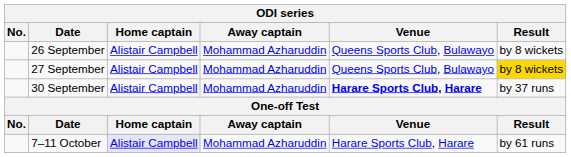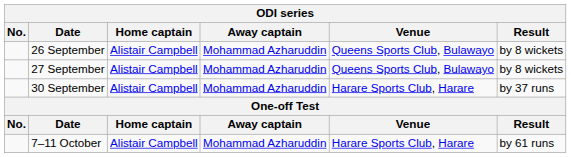 <table class="wikitable">
 <tr>
 <th colspan="9">ODI series</th>
 </tr>
 <tr>
 <th>No.</th>
 <th>Date</th>
 <th>Home captain</th>
 <th>Away captain</th>
 <th>Venue</th>
 <th>Result</th>
 </tr>
 <tr>
 <td></td>
 <td>26 September</td>
 <td><a href='#'>Alistair Campbell</a></td>
 <td><a href='#'>Mohammad Azharuddin</a></td>
 <td><a href='#'>Queens Sports Club</a>, <a href='#'>Bulawayo</a></td>
 <td> by 8 wickets</td>
 </tr>
 <tr>
 <td></td>
 <td>27 September</td>
 <td><a href='#'>Alistair Campbell</a></td>
 <td><a href='#'>Mohammad Azharuddin</a></td>
 <td><a href='#'>Queens Sports Club</a>, <a href='#'>Bulawayo</a></td>
-<td style="background: gold;"> by 8 wickets</td>
+<td> by 8 wickets</td>
 </tr>
 <tr>
 <td></td>
 <td>30 September</td>
 <td><a href='#'>Alistair Campbell</a></td>
 <td><a href='#'>Mohammad Azharuddin</a></td>
-<td><strong><a href='#'>Harare Sports Club</a>, <a href='#'>Harare</a></strong></td>
+<td><a href='#'>Harare Sports Club</a>, <a href='#'>Harare</a></td>
 <td> by 37 runs</td>
 </tr>
 <tr>
 <th colspan="9">One-off Test</th>
 </tr>
 <tr>
 <th>No.</th>
 <th>Date</th>
 <th>Home captain</th>
 <th>Away captain</th>
 <th>Venue</th>
 <th>Result</th>
 </tr>
 <tr>
 <td></td>
 <td>7–11 October</td>
-<td style="background: lavender;"><a href='#'>Alistair Campbell</a></td>
+<td><a href='#'>Alistair Campbell</a></td>
 <td><a href='#'>Mohammad Azharuddin</a></td>
 <td><a href='#'>Harare Sports Club</a>, <a href='#'>Harare</a></td>
 <td> by 61 runs</td>
 </tr>
 </table>
